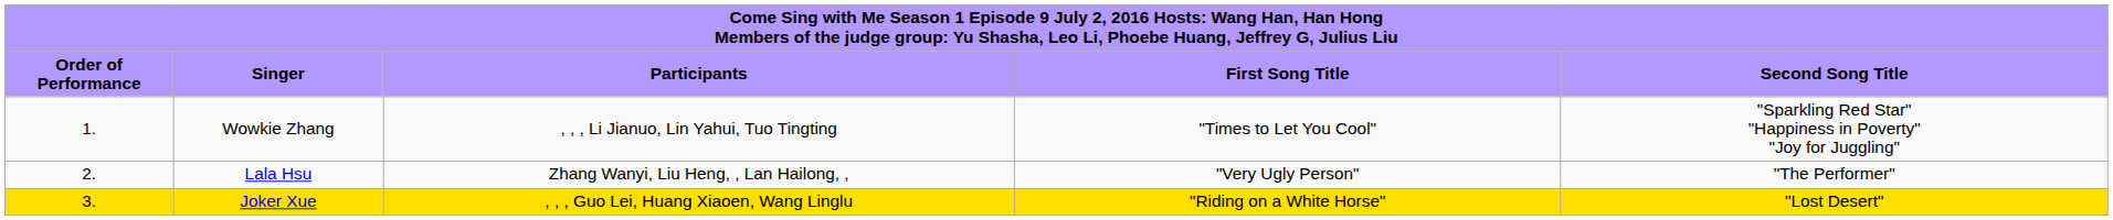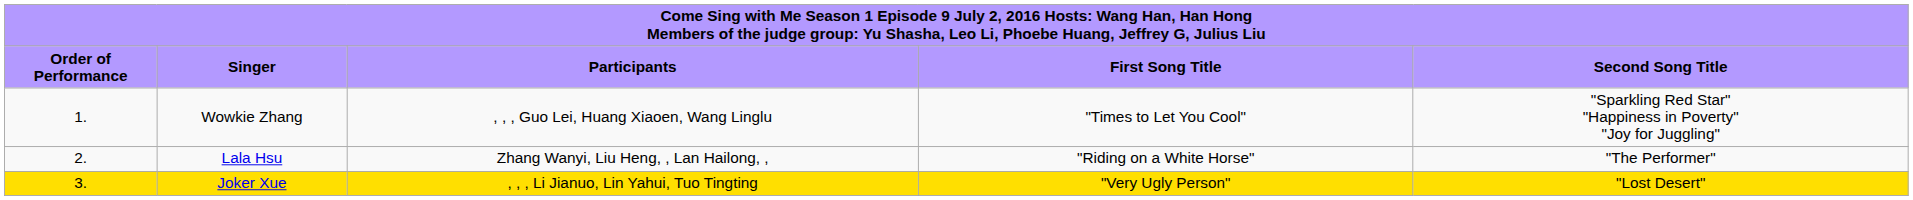 <table class="wikitable sortable mw-collapsible" width="100%" style="text-align:center">
 <tr style="background:#B399FF">
 <td colspan="5"><div><strong>Come Sing with Me Season 1 Episode 9 July 2, 2016 Hosts: Wang Han, Han Hong<br>Members of the judge group: Yu Shasha, Leo Li, Phoebe Huang, Jeffrey G, Julius Liu</strong></div></td>
 </tr>
 <tr style="background:#B399FF">
 <td style="width:8%"><strong>Order of Performance</strong></td>
 <td style="width:10%"><strong>Singer</strong></td>
 <td style="width:30%"><strong>Participants</strong></td>
 <td style="width:26%"><strong>First Song Title</strong></td>
 <td style="width:26%"><strong>Second Song Title</strong></td>
 </tr>
 <tr>
 <td>1.</td>
 <td>Wowkie Zhang</td>
-<td>, , , Li Jianuo, Lin Yahui, Tuo Tingting</td>
+<td>, , , Guo Lei, Huang Xiaoen, Wang Linglu</td>
 <td>"Times to Let You Cool"</td>
 <td>"Sparkling Red Star" <br> "Happiness in Poverty" <br> "Joy for Juggling"</td>
 </tr>
 <tr>
 <td>2.</td>
 <td><a href='#'>Lala Hsu</a></td>
 <td>Zhang Wanyi, Liu Heng, , Lan Hailong, , </td>
-<td>"Very Ugly Person"</td>
+<td>"Riding on a White Horse"</td>
 <td>"The Performer"</td>
 </tr>
 <tr style="background:#FFDF00">
 <td>3.</td>
 <td><a href='#'>Joker Xue</a></td>
-<td>, , , Guo Lei, Huang Xiaoen, Wang Linglu</td>
-<td>"Riding on a White Horse"</td>
+<td>, , , Li Jianuo, Lin Yahui, Tuo Tingting</td>
+<td>"Very Ugly Person"</td>
 <td>"Lost Desert"</td>
 </tr>
 </table>
